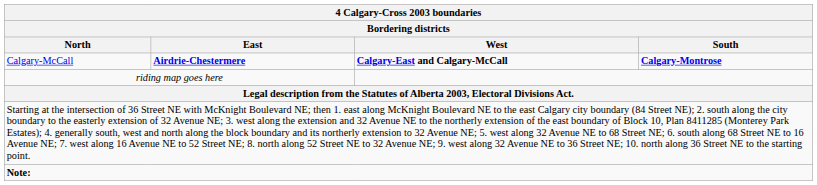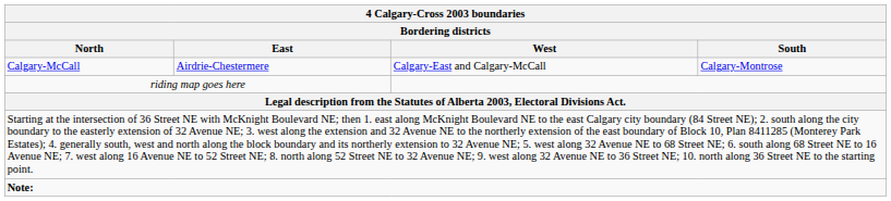 <table class="wikitable collapsible collapsed" style="width:100%;">
 <tr>
 <th colspan=4>4 Calgary-Cross 2003 boundaries</th>
 </tr>
 <tr>
 <th colspan=4>Bordering districts</th>
 </tr>
 <tr>
 <th>North</th>
 <th>East</th>
 <th>West</th>
 <th>South</th>
 </tr>
 <tr>
 <td><a href='#'>Calgary-McCall</a></td>
-<td><strong><a href='#'>Airdrie-Chestermere</a></strong></td>
-<td><strong><a href='#'>Calgary-East</a> and Calgary-McCall</strong></td>
-<td><strong><a href='#'>Calgary-Montrose</a></strong></td>
+<td><a href='#'>Airdrie-Chestermere</a></td>
+<td><a href='#'>Calgary-East</a> and Calgary-McCall</td>
+<td><a href='#'>Calgary-Montrose</a></td>
 </tr>
 <tr>
 <td colspan=2 align=center><em>riding map goes here</em></td>
 <td colspan=2 align=center></td>
 </tr>
 <tr>
 <th colspan=4>Legal description from the Statutes of Alberta 2003, Electoral Divisions Act.</th>
 </tr>
 <tr>
 <td colspan=4>Starting at the intersection of 36 Street NE with McKnight Boulevard NE; then 1. east along McKnight Boulevard NE to the east Calgary city boundary (84 Street NE); 2. south along the city boundary to the easterly extension of 32 Avenue NE; 3. west along the extension and 32 Avenue NE to the northerly extension of the east boundary of Block 10, Plan 8411285 (Monterey Park Estates); 4. generally south, west and north along the block boundary and its northerly extension to 32 Avenue NE; 5. west along 32 Avenue NE to 68 Street NE; 6. south along 68 Street NE to 16 Avenue NE; 7. west along 16 Avenue NE to 52 Street NE; 8. north along 52 Street NE to 32 Avenue NE; 9. west along 32 Avenue NE to 36 Street NE; 10. north along 36 Street NE to the starting point.</td>
 </tr>
 <tr>
 <td colspan=4><strong>Note:</strong></td>
 </tr>
 </table>
